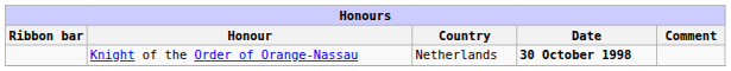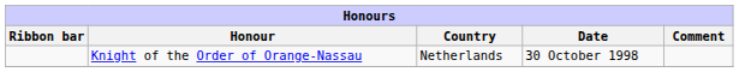 <table class="wikitable" style="width:60%;">
 <tr style="background:#ccf; text-align:center;">
 <td colspan=5><strong>Honours</strong></td>
 </tr>
 <tr>
 <th style="width:80px;">Ribbon bar</th>
 <th>Honour</th>
 <th>Country</th>
 <th>Date</th>
 <th>Comment</th>
 </tr>
 <tr>
 <td></td>
 <td><a href='#'>Knight</a> of the <a href='#'>Order of Orange-Nassau</a></td>
 <td>Netherlands</td>
-<td><strong>30 October 1998</strong></td>
+<td>30 October 1998</td>
 <td></td>
 </tr>
 <tr>
 </tr>
 </table>
